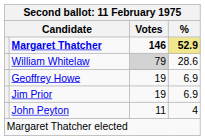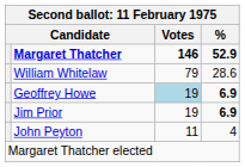 <table class="wikitable" style="font-size:95%;">
 <tr>
 <th colspan="4">Second ballot: 11 February 1975</th>
 </tr>
 <tr>
 <th colspan="2" style="width: 170px">Candidate</th>
 <th style="width: 50px">Votes</th>
 <th style="width: 40px">%</th>
 </tr>
 <tr>
 <th style="background-color: "></th>
 <td style="width: 170px"><strong><a href='#'>Margaret Thatcher</a></strong></td>
 <td align="right"><strong>146</strong></td>
-<td align="right" style="background: khaki;"><strong>52.9</strong></td>
+<td align="right"><strong>52.9</strong></td>
 </tr>
 <tr>
 <th style="background-color: "></th>
 <td style="width: 170px"><a href='#'>William Whitelaw</a></td>
-<td align="right" style="background: lightgrey;">79</td>
+<td align="right">79</td>
 <td align="right">28.6</td>
 </tr>
 <tr>
 <th style="background-color: "></th>
 <td style="width: 170px"><a href='#'>Geoffrey Howe</a></td>
-<td align="right">19</td>
-<td align="right">6.9</td>
+<td align="right" style="background: lightblue;">19</td>
+<td align="right"><strong>6.9</strong></td>
 </tr>
 <tr>
 <th style="background-color: "></th>
 <td style="width: 170px"><a href='#'>Jim Prior</a></td>
 <td align="right">19</td>
-<td align="right">6.9</td>
+<td align="right"><strong>6.9</strong></td>
 </tr>
 <tr>
 <th style="background-color: "></th>
 <td style="width: 170px"><a href='#'>John Peyton</a></td>
 <td align="right">11</td>
 <td align="right">4</td>
 </tr>
 <tr>
 <td colspan="4">Margaret Thatcher elected</td>
 </tr>
 </table>
